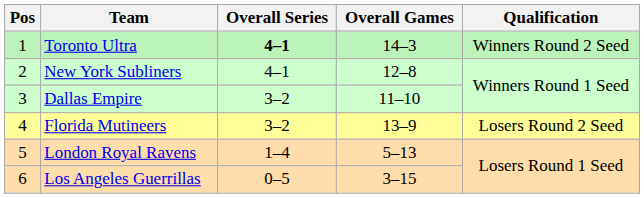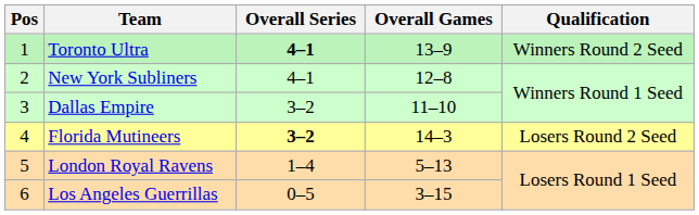 <table class="wikitable" width="600px" style="text-align:center">
 <tr>
 <th>Pos</th>
 <th>Team</th>
 <th>Overall Series</th>
 <th>Overall Games</th>
 <th>Qualification</th>
 </tr>
 <tr style="background:#BBF3BB;">
 <td>1</td>
 <td style="text-align:left"><a href='#'>Toronto Ultra</a></td>
 <td><strong>4–1</strong></td>
-<td>14–3</td>
+<td>13–9</td>
 <td>Winners Round 2 Seed</td>
 </tr>
 <tr style="background:#CCFFCC;">
 <td>2</td>
 <td style="text-align:left"><a href='#'>New York Subliners</a></td>
 <td>4–1</td>
 <td>12–8</td>
 <td rowspan="2">Winners Round 1 Seed</td>
 </tr>
 <tr style="background:#CCFFCC;">
 <td>3</td>
 <td style="text-align:left"><a href='#'>Dallas Empire</a></td>
 <td>3–2</td>
 <td>11–10</td>
 </tr>
 <tr style="background:#FFFF99;">
 <td>4</td>
 <td style="text-align:left"><a href='#'>Florida Mutineers</a></td>
-<td>3–2</td>
-<td>13–9</td>
+<td><strong>3–2</strong></td>
+<td>14–3</td>
 <td>Losers Round 2 Seed</td>
 </tr>
 <tr style="background:#FFDDAA;">
 <td>5</td>
 <td style="text-align:left"><a href='#'>London Royal Ravens</a></td>
 <td>1–4</td>
 <td>5–13</td>
 <td rowspan="2">Losers Round 1 Seed</td>
 </tr>
 <tr style="background:#FFDDAA;">
 <td>6</td>
 <td style="text-align:left"><a href='#'>Los Angeles Guerrillas</a></td>
 <td>0–5</td>
 <td>3–15</td>
 </tr>
 </table>
